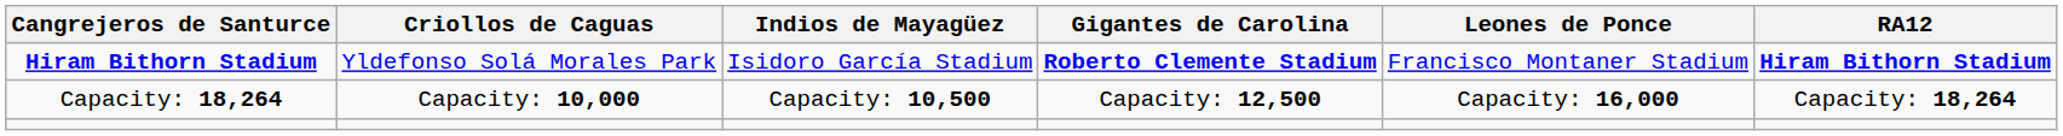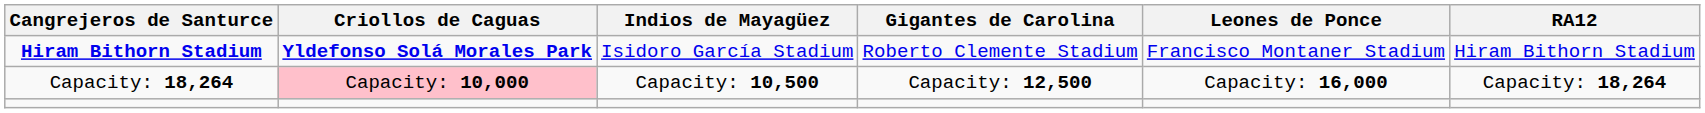 <table class="wikitable" style="margin:1em auto; text-align:center">
 <tr>
 <th>Cangrejeros de Santurce</th>
 <th>Criollos de Caguas</th>
 <th>Indios de Mayagüez</th>
 <th>Gigantes de Carolina</th>
 <th>Leones de Ponce</th>
 <th>RA12</th>
 </tr>
 <tr>
 <td><strong><a href='#'>Hiram Bithorn Stadium</a></strong></td>
-<td><a href='#'>Yldefonso Solá Morales Park</a></td>
+<td><strong><a href='#'>Yldefonso Solá Morales Park</a></strong></td>
 <td><a href='#'>Isidoro García Stadium</a></td>
-<td><strong><a href='#'>Roberto Clemente Stadium</a></strong></td>
+<td><a href='#'>Roberto Clemente Stadium</a></td>
 <td><a href='#'>Francisco Montaner Stadium</a></td>
-<td><strong><a href='#'>Hiram Bithorn Stadium</a></strong></td>
+<td><a href='#'>Hiram Bithorn Stadium</a></td>
 </tr>
 <tr>
 <td>Capacity: <strong>18,264</strong></td>
-<td>Capacity: <strong>10,000</strong></td>
+<td style="background: pink;">Capacity: <strong>10,000</strong></td>
 <td>Capacity: <strong>10,500</strong></td>
 <td>Capacity: <strong>12,500</strong></td>
 <td>Capacity: <strong>16,000</strong></td>
 <td>Capacity: <strong>18,264</strong></td>
 </tr>
 <tr>
 <td></td>
 <td></td>
 <td></td>
 <td></td>
 <td></td>
 </tr>
 </table>
